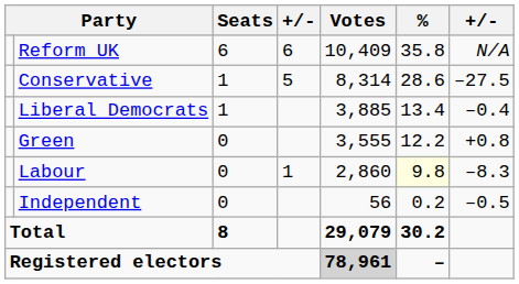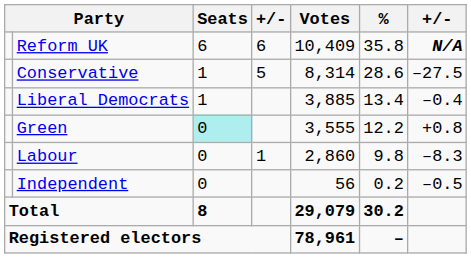 <table class="wikitable sortable">
 <tr>
 <th colspan="2">Party</th>
 <th>Seats</th>
 <th>+/-</th>
 <th>Votes</th>
 <th>%</th>
 <th>+/-</th>
 </tr>
 <tr>
 <td style="background-color: "></td>
 <td><a href='#'>Reform UK</a></td>
 <td>6</td>
 <td> 6</td>
 <td style="text-align:right;">10,409</td>
 <td style="text-align:right;">35.8</td>
-<td style="text-align:right;"><em>N/A</em></td>
+<td style="text-align:right;"><strong><em>N/A</em></strong></td>
 </tr>
 <tr>
 <td style="background-color: "></td>
 <td><a href='#'>Conservative</a></td>
 <td>1</td>
 <td> 5</td>
 <td style="text-align:right;">8,314</td>
 <td style="text-align:right;">28.6</td>
 <td style="text-align:right;">–27.5</td>
 </tr>
 <tr>
 <td style="background-color: "></td>
 <td><a href='#'>Liberal Democrats</a></td>
 <td>1</td>
 <td></td>
 <td style="text-align:right;">3,885</td>
 <td style="text-align:right;">13.4</td>
 <td style="text-align:right;">–0.4</td>
 </tr>
 <tr>
 <td style="background-color: "></td>
 <td><a href='#'>Green</a></td>
-<td>0</td>
+<td style="background: paleturquoise;">0</td>
 <td></td>
 <td style="text-align:right;">3,555</td>
 <td style="text-align:right;">12.2</td>
 <td style="text-align:right;">+0.8</td>
 </tr>
 <tr>
 <td style="background-color: "></td>
 <td><a href='#'>Labour</a></td>
 <td>0</td>
 <td> 1</td>
 <td style="text-align:right;">2,860</td>
-<td style="background: lightyellow; text-align:right;">9.8</td>
+<td style="text-align:right;">9.8</td>
 <td style="text-align:right;">–8.3</td>
 </tr>
 <tr>
 <td style="background-color: "></td>
 <td><a href='#'>Independent</a></td>
 <td>0</td>
 <td></td>
 <td style="text-align:right;">56</td>
 <td style="text-align:right;">0.2</td>
 <td style="text-align:right;">–0.5</td>
 </tr>
 <tr>
 <td colspan="2"><strong>Total</strong></td>
 <td><strong>8</strong></td>
 <td></td>
 <td style="text-align:right;"><strong>29,079</strong></td>
 <td style="text-align:right;"><strong>30.2</strong></td>
 <td style="text-align:right;"></td>
 </tr>
 <tr>
 <td colspan="4"><strong>Registered electors</strong></td>
-<td style="background: lightgrey; text-align:right;"><strong>78,961</strong></td>
+<td style="text-align:right;"><strong>78,961</strong></td>
 <td style="text-align:right;"><strong>–</strong></td>
 <td style="text-align:right;"></td>
 </tr>
 </table>
